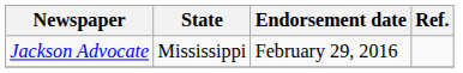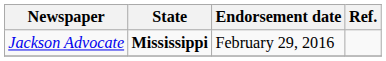 <table class="wikitable sortable">
 <tr valign=bottom>
 <th>Newspaper</th>
 <th>State</th>
 <th>Endorsement date</th>
 <th>Ref.</th>
 </tr>
 <tr>
 <td><em><a href='#'>Jackson Advocate</a></em></td>
-<td>Mississippi</td>
+<td><strong>Mississippi</strong></td>
 <td>February 29, 2016</td>
 <td></td>
 </tr>
 <tr>
 </tr>
 </table>
